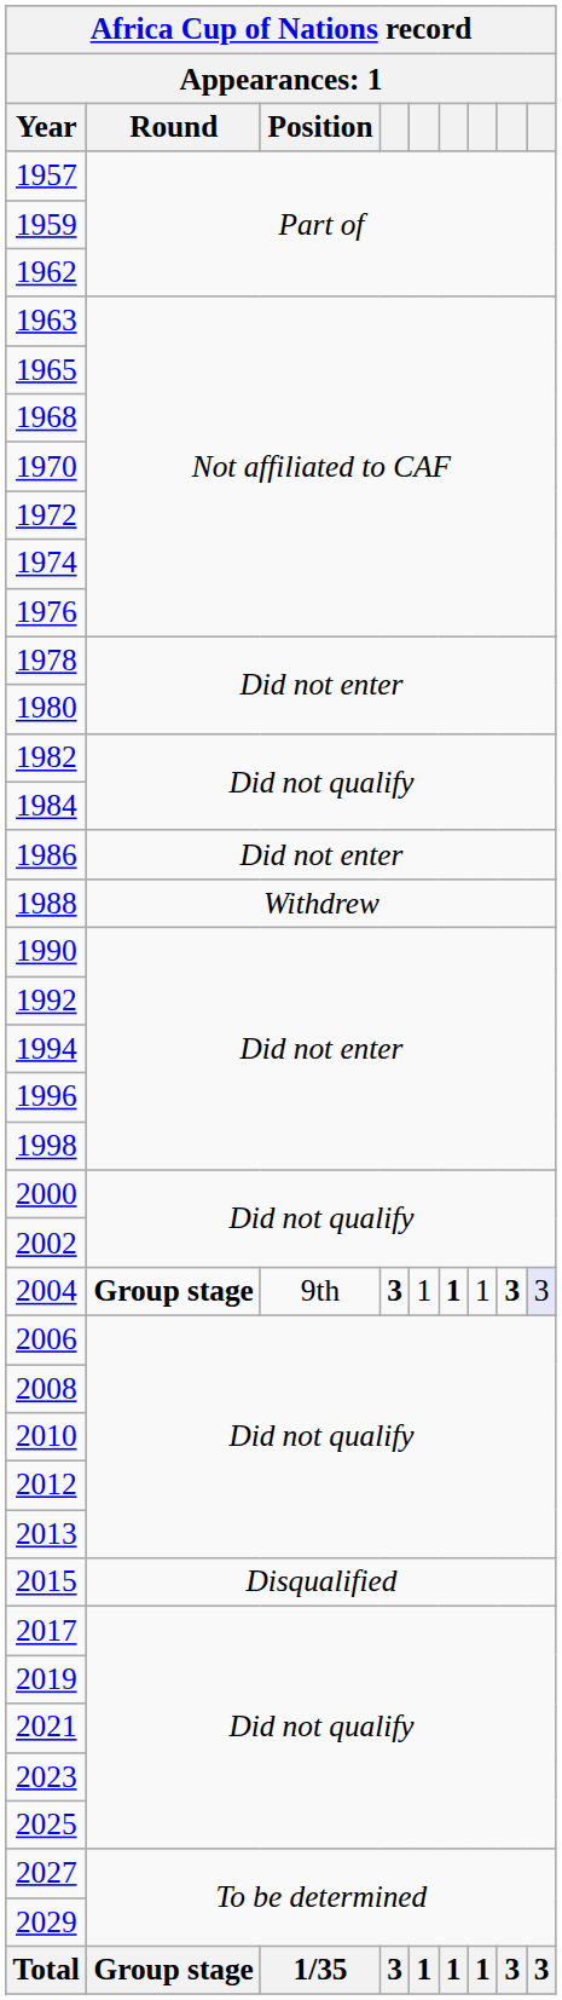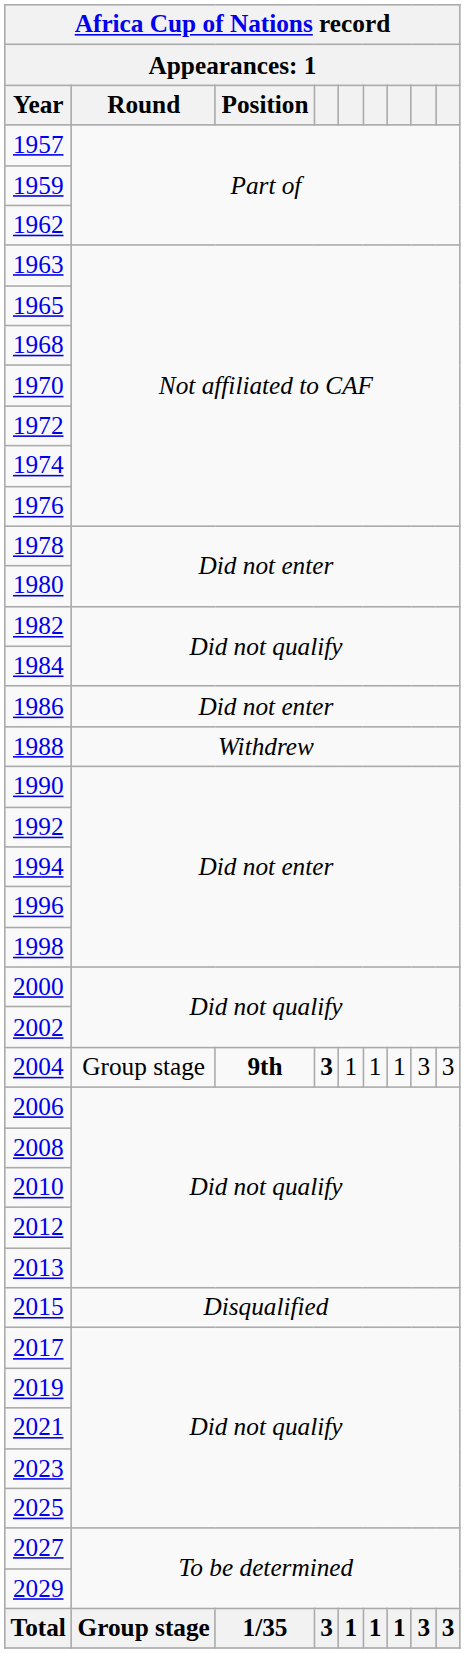 <table class="wikitable" style="text-align: center;">
 <tr>
 <th colspan=9><a href='#'>Africa Cup of Nations</a> record</th>
 </tr>
 <tr>
 <th colspan=9>Appearances: 1</th>
 </tr>
 <tr>
 <th>Year</th>
 <th>Round</th>
 <th>Position</th>
 <th></th>
 <th></th>
 <th></th>
 <th></th>
 <th></th>
 <th></th>
 </tr>
 <tr>
 <td> <a href='#'>1957</a></td>
 <td colspan=8 rowspan=3><em>Part of </em></td>
 </tr>
 <tr>
 <td> <a href='#'>1959</a></td>
 </tr>
 <tr>
 <td> <a href='#'>1962</a></td>
 </tr>
 <tr>
 <td> <a href='#'>1963</a></td>
 <td colspan=8 rowspan=7><em>Not affiliated to CAF</em></td>
 </tr>
 <tr>
 <td> <a href='#'>1965</a></td>
 </tr>
 <tr>
 <td> <a href='#'>1968</a></td>
 </tr>
 <tr>
 <td> <a href='#'>1970</a></td>
 </tr>
 <tr>
 <td> <a href='#'>1972</a></td>
 </tr>
 <tr>
 <td> <a href='#'>1974</a></td>
 </tr>
 <tr>
 <td> <a href='#'>1976</a></td>
 </tr>
 <tr>
 <td> <a href='#'>1978</a></td>
 <td colspan=8 rowspan=2><em>Did not enter</em></td>
 </tr>
 <tr>
 <td> <a href='#'>1980</a></td>
 </tr>
 <tr>
 <td> <a href='#'>1982</a></td>
 <td colspan=8 rowspan=2><em>Did not qualify</em></td>
 </tr>
 <tr>
 <td> <a href='#'>1984</a></td>
 </tr>
 <tr>
 <td> <a href='#'>1986</a></td>
 <td colspan=8><em>Did not enter</em></td>
 </tr>
 <tr>
 <td> <a href='#'>1988</a></td>
 <td colspan=8><em>Withdrew</em></td>
 </tr>
 <tr>
 <td> <a href='#'>1990</a></td>
 <td colspan=8 rowspan=5><em>Did not enter</em></td>
 </tr>
 <tr>
 <td> <a href='#'>1992</a></td>
 </tr>
 <tr>
 <td> <a href='#'>1994</a></td>
 </tr>
 <tr>
 <td> <a href='#'>1996</a></td>
 </tr>
 <tr>
 <td> <a href='#'>1998</a></td>
 </tr>
 <tr>
 <td>  <a href='#'>2000</a></td>
 <td colspan=8 rowspan=2><em>Did not qualify</em></td>
 </tr>
 <tr>
 <td> <a href='#'>2002</a></td>
 </tr>
 <tr>
 <td> <a href='#'>2004</a></td>
-<td><strong>Group stage</strong></td>
-<td>9th</td>
+<td>Group stage</td>
+<td><strong>9th</strong></td>
 <td><strong>3</strong></td>
 <td>1</td>
-<td><strong>1</strong></td>
 <td>1</td>
-<td><strong>3</strong></td>
-<td style="background: lavender;">3</td>
+<td>1</td>
+<td>3</td>
+<td>3</td>
 </tr>
 <tr>
 <td> <a href='#'>2006</a></td>
 <td colspan=8 rowspan=5><em>Did not qualify</em></td>
 </tr>
 <tr>
 <td> <a href='#'>2008</a></td>
 </tr>
 <tr>
 <td> <a href='#'>2010</a></td>
 </tr>
 <tr>
 <td>  <a href='#'>2012</a></td>
 </tr>
 <tr>
 <td> <a href='#'>2013</a></td>
 </tr>
 <tr>
 <td> <a href='#'>2015</a></td>
 <td colspan=8><em>Disqualified</em></td>
 </tr>
 <tr>
 <td> <a href='#'>2017</a></td>
 <td colspan=8 rowspan=5><em>Did not qualify</em></td>
 </tr>
 <tr>
 <td> <a href='#'>2019</a></td>
 </tr>
 <tr>
 <td> <a href='#'>2021</a></td>
 </tr>
 <tr>
 <td> <a href='#'>2023</a></td>
 </tr>
 <tr>
 <td> <a href='#'>2025</a></td>
 </tr>
 <tr>
 <td>   <a href='#'>2027</a></td>
 <td rowspan=2 colspan=8><em>To be determined</em></td>
 </tr>
 <tr>
 <td> <a href='#'>2029</a></td>
 </tr>
 <tr>
 <th>Total</th>
 <th>Group stage</th>
 <th>1/35</th>
 <th>3</th>
 <th>1</th>
 <th>1</th>
 <th>1</th>
 <th>3</th>
 <th>3</th>
 </tr>
 </table>
